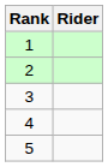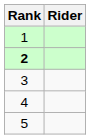 <table class="wikitable" style="font-size:95%" style="width:25em;">
 <tr>
 <th>Rank</th>
 <th>Rider</th>
 </tr>
 <tr bgcolor=ccffcc>
 <td align=center>1</td>
 <td></td>
 </tr>
 <tr bgcolor=ccffcc>
-<td align=center>2</td>
+<td align=center><strong>2</strong></td>
 <td></td>
 </tr>
 <tr>
 <td align=center>3</td>
 <td></td>
 </tr>
 <tr>
 <td align=center>4</td>
 <td></td>
 </tr>
 <tr>
 <td align=center>5</td>
 <td></td>
 </tr>
 </table>
